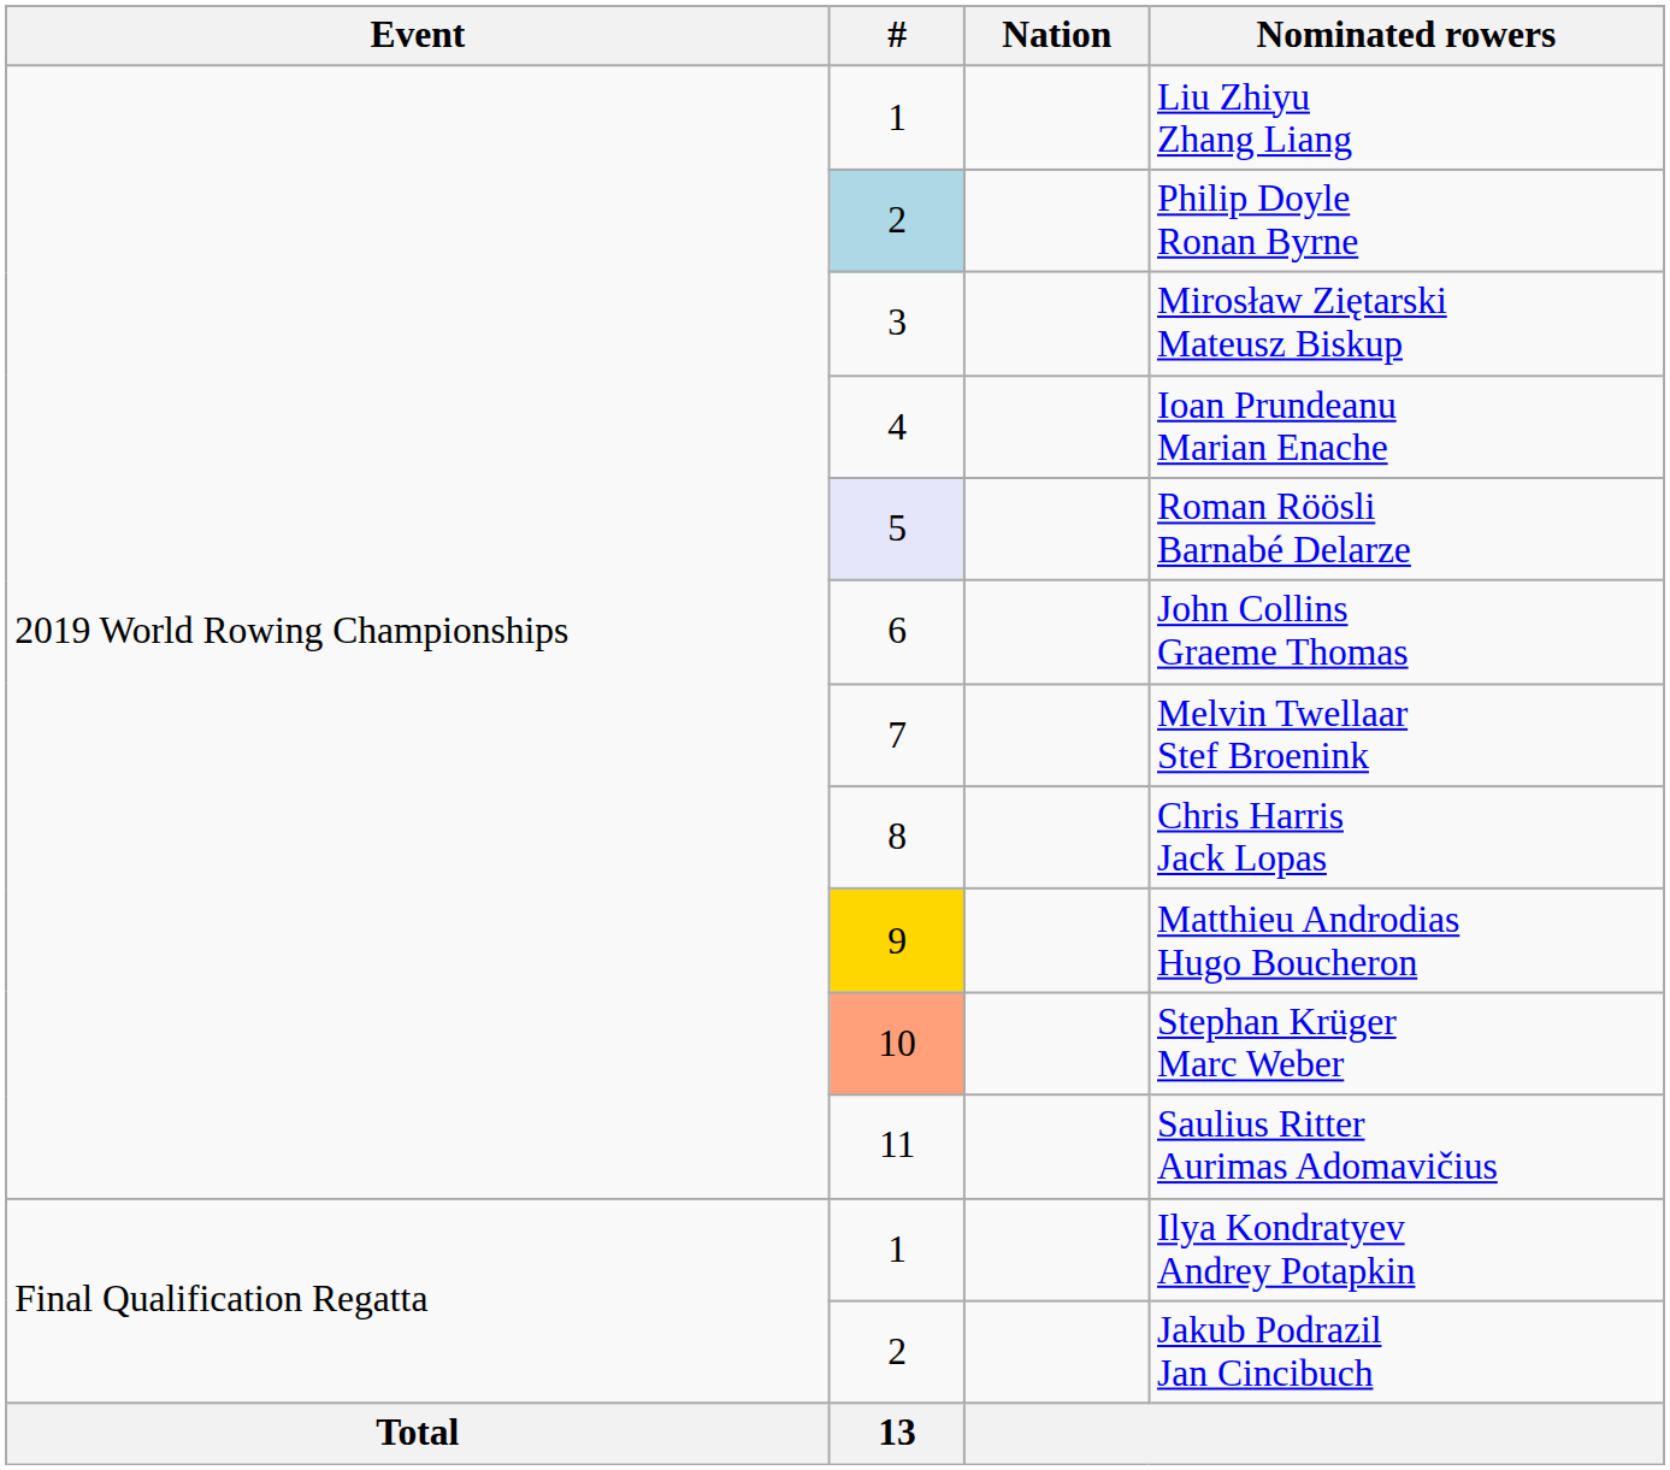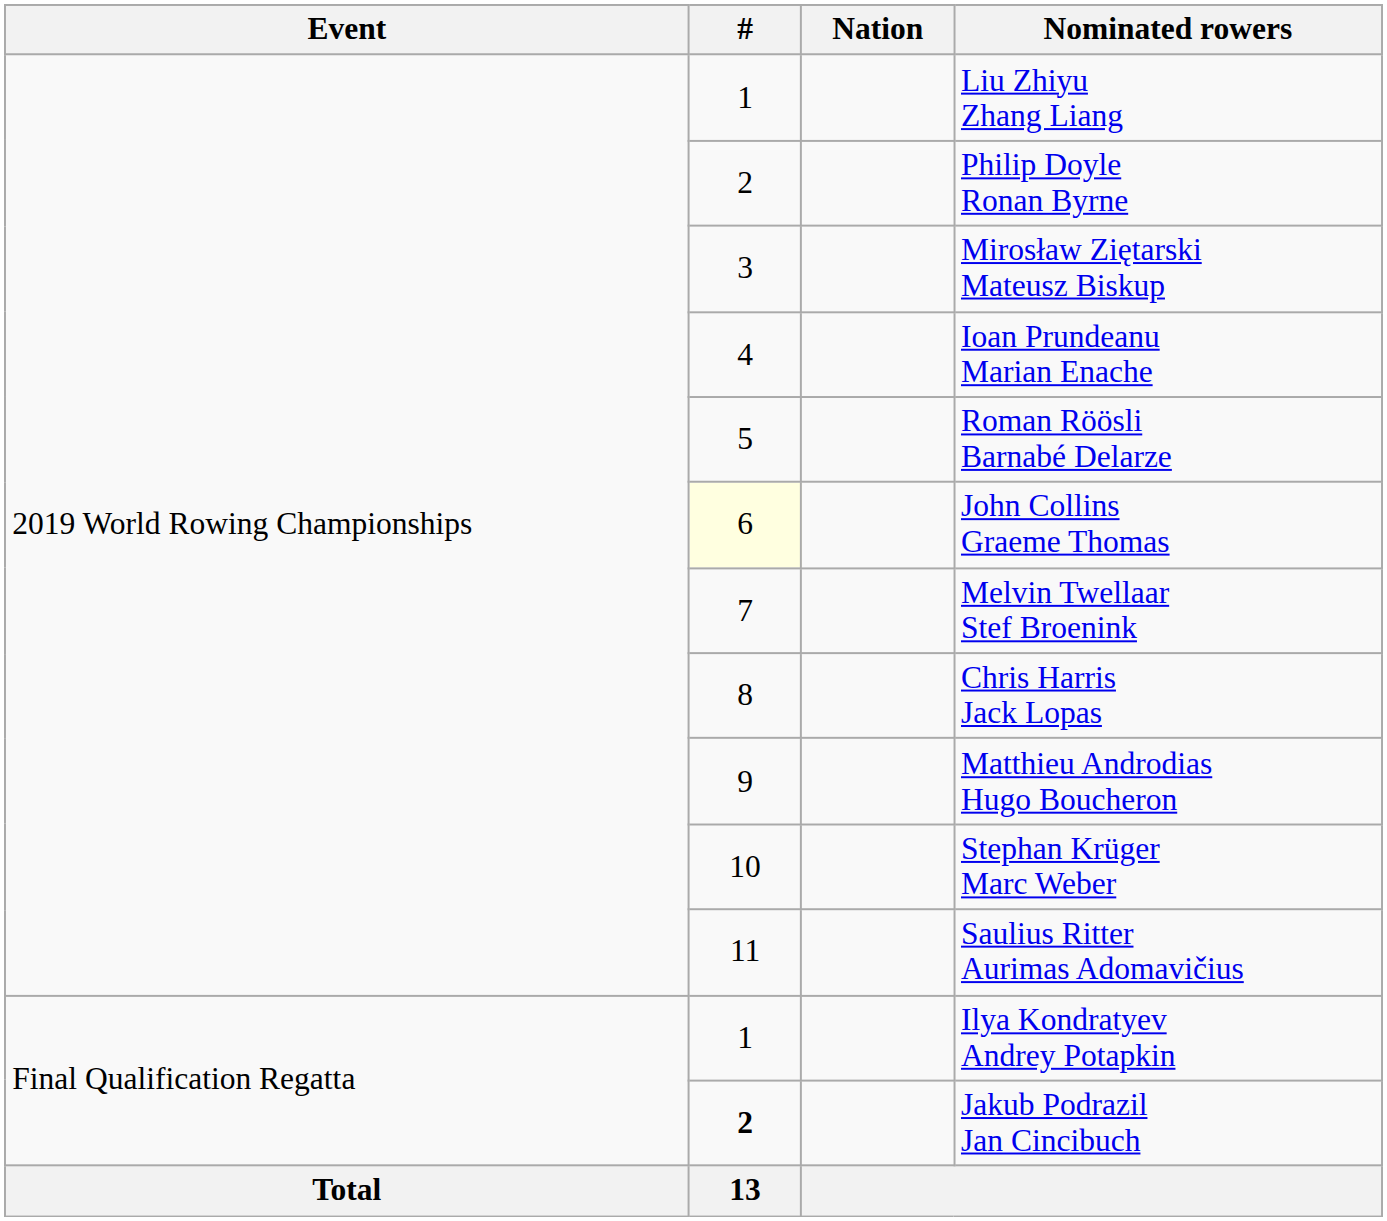 <table class="wikitable"  style="width:700px; text-align:center;">
 <tr>
 <th>Event</th>
 <th width=50>#</th>
 <th>Nation</th>
 <th>Nominated rowers</th>
 </tr>
 <tr>
 <td rowspan=11 align=left>2019 World Rowing Championships</td>
 <td>1</td>
 <td align=left></td>
 <td align=left><a href='#'>Liu Zhiyu</a><br><a href='#'>Zhang Liang</a></td>
 </tr>
 <tr>
-<td style="background: lightblue;">2</td>
+<td>2</td>
 <td align=left></td>
 <td align=left><a href='#'>Philip Doyle</a><br><a href='#'>Ronan Byrne</a></td>
 </tr>
 <tr>
 <td>3</td>
 <td align=left></td>
 <td align=left><a href='#'>Mirosław Ziętarski</a><br><a href='#'>Mateusz Biskup</a></td>
 </tr>
 <tr>
 <td>4</td>
 <td align=left></td>
 <td align=left><a href='#'>Ioan Prundeanu</a><br><a href='#'>Marian Enache</a></td>
 </tr>
 <tr>
-<td style="background: lavender;">5</td>
+<td>5</td>
 <td align=left></td>
 <td align=left><a href='#'>Roman Röösli</a><br><a href='#'>Barnabé Delarze</a></td>
 </tr>
 <tr>
-<td>6</td>
+<td style="background: lightyellow;">6</td>
 <td align=left></td>
 <td align=left><a href='#'>John Collins</a><br><a href='#'>Graeme Thomas</a></td>
 </tr>
 <tr>
 <td>7</td>
 <td align=left></td>
 <td align=left><a href='#'>Melvin Twellaar</a><br><a href='#'>Stef Broenink</a></td>
 </tr>
 <tr>
 <td>8</td>
 <td align=left></td>
 <td align=left><a href='#'>Chris Harris</a><br><a href='#'>Jack Lopas</a></td>
 </tr>
 <tr>
-<td style="background: gold;">9</td>
+<td>9</td>
 <td align=left></td>
 <td align=left><a href='#'>Matthieu Androdias</a><br><a href='#'>Hugo Boucheron</a></td>
 </tr>
 <tr>
-<td style="background: lightsalmon;">10</td>
+<td>10</td>
 <td align=left></td>
 <td align=left><a href='#'>Stephan Krüger</a><br><a href='#'>Marc Weber</a></td>
 </tr>
 <tr>
 <td>11</td>
 <td align=left></td>
 <td align=left><a href='#'>Saulius Ritter</a><br><a href='#'>Aurimas Adomavičius</a></td>
 </tr>
 <tr>
 <td rowspan=2 align=left>Final Qualification Regatta</td>
 <td>1</td>
 <td align=left></td>
 <td align=left><a href='#'>Ilya Kondratyev</a><br><a href='#'>Andrey Potapkin</a></td>
 </tr>
 <tr>
-<td>2</td>
+<td><strong>2</strong></td>
 <td align=left></td>
 <td align=left><a href='#'>Jakub Podrazil</a><br><a href='#'>Jan Cincibuch</a></td>
 </tr>
 <tr>
 <th>Total</th>
 <th>13</th>
 <th colspan=2></th>
 </tr>
 </table>
